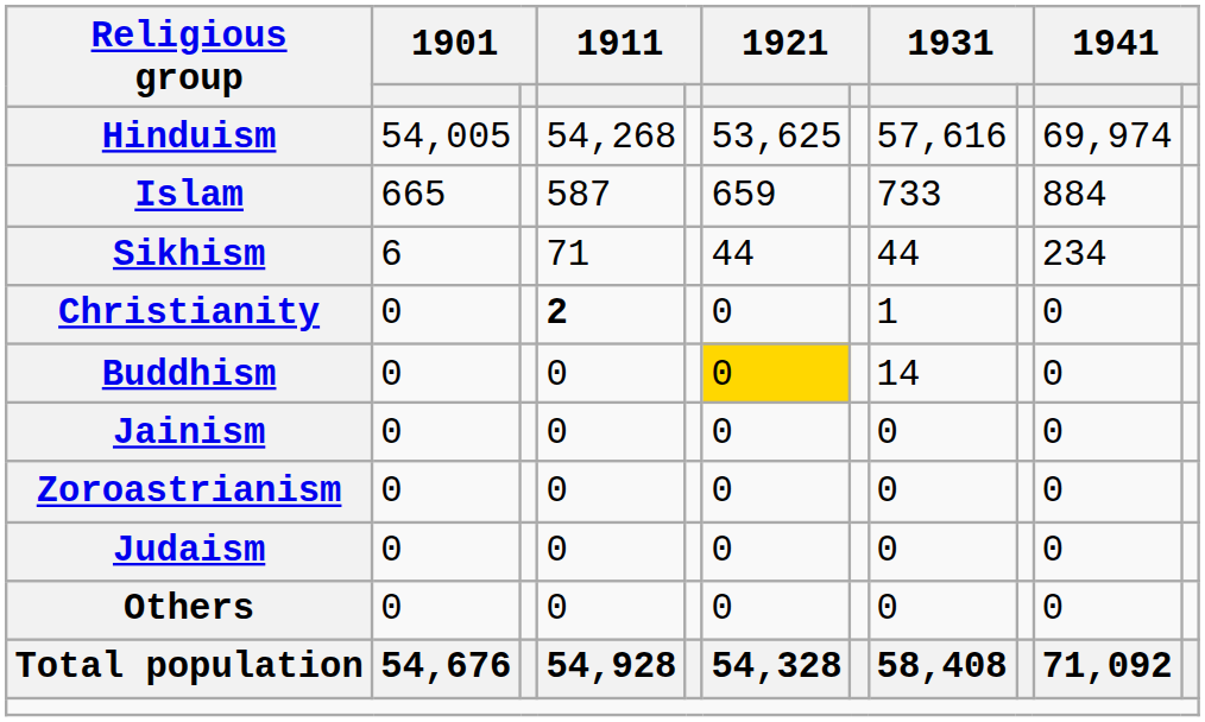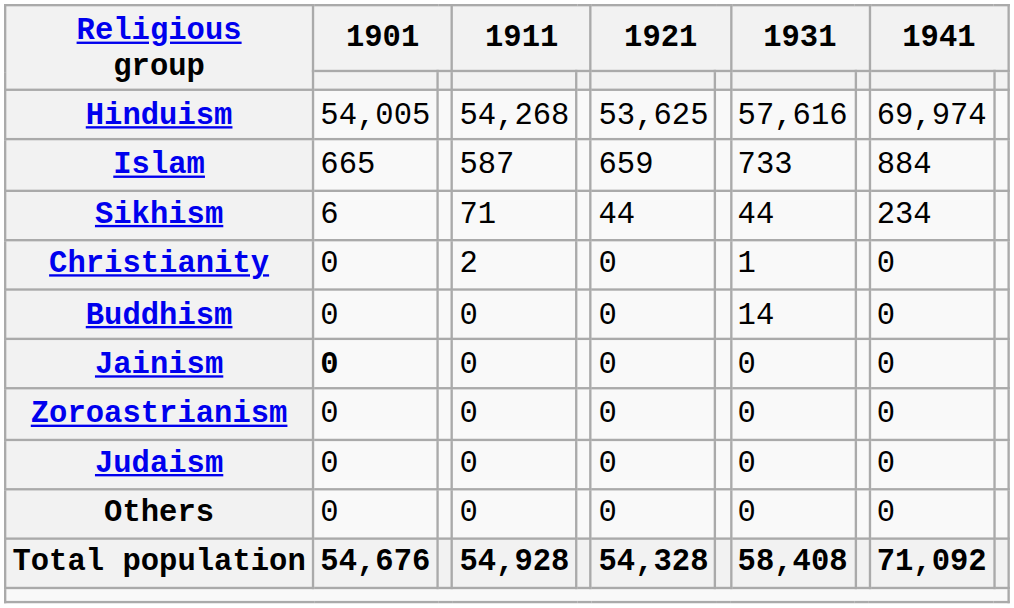 <table class="wikitable sortable">
 <tr>
 <th rowspan="2"><a href='#'>Religious</a><br>group</th>
 <th colspan="2">1901</th>
 <th colspan="2">1911</th>
 <th colspan="2">1921</th>
 <th colspan="2">1931</th>
 <th colspan="2">1941</th>
 </tr>
 <tr>
 <th><a href='#'></a></th>
 <th></th>
 <th></th>
 <th></th>
 <th></th>
 <th></th>
 <th></th>
 <th></th>
 <th></th>
 <th></th>
 </tr>
 <tr>
 <th><a href='#'>Hinduism</a> </th>
 <td>54,005</td>
 <td></td>
 <td>54,268</td>
 <td></td>
 <td>53,625</td>
 <td></td>
 <td>57,616</td>
 <td></td>
 <td>69,974</td>
 <td></td>
 </tr>
 <tr>
 <th><a href='#'>Islam</a> </th>
 <td>665</td>
 <td></td>
 <td>587</td>
 <td></td>
 <td>659</td>
 <td></td>
 <td>733</td>
 <td></td>
 <td>884</td>
 <td></td>
 </tr>
 <tr>
 <th><a href='#'>Sikhism</a> </th>
 <td>6</td>
 <td></td>
 <td>71</td>
 <td></td>
 <td>44</td>
 <td></td>
 <td>44</td>
 <td></td>
 <td>234</td>
 <td></td>
 </tr>
 <tr>
 <th><a href='#'>Christianity</a> </th>
 <td>0</td>
 <td></td>
-<td><strong>2</strong></td>
+<td>2</td>
 <td></td>
 <td>0</td>
 <td></td>
 <td>1</td>
 <td></td>
 <td>0</td>
 <td></td>
 </tr>
 <tr>
 <th><a href='#'>Buddhism</a> </th>
 <td>0</td>
 <td></td>
 <td>0</td>
 <td></td>
-<td style="background: gold;">0</td>
+<td>0</td>
 <td></td>
 <td>14</td>
 <td></td>
 <td>0</td>
 <td></td>
 </tr>
 <tr>
 <th><a href='#'>Jainism</a> </th>
-<td>0</td>
+<td><strong>0</strong></td>
 <td></td>
 <td>0</td>
 <td></td>
 <td>0</td>
 <td></td>
 <td>0</td>
 <td></td>
 <td>0</td>
 <td></td>
 </tr>
 <tr>
 <th><a href='#'>Zoroastrianism</a> </th>
 <td>0</td>
 <td></td>
 <td>0</td>
 <td></td>
 <td>0</td>
 <td></td>
 <td>0</td>
 <td></td>
 <td>0</td>
 <td></td>
 </tr>
 <tr>
 <th><a href='#'>Judaism</a> </th>
 <td>0</td>
 <td></td>
 <td>0</td>
 <td></td>
 <td>0</td>
 <td></td>
 <td>0</td>
 <td></td>
 <td>0</td>
 <td></td>
 </tr>
 <tr>
 <th>Others</th>
 <td>0</td>
 <td></td>
 <td>0</td>
 <td></td>
 <td>0</td>
 <td></td>
 <td>0</td>
 <td></td>
 <td>0</td>
 <td></td>
 </tr>
 <tr>
 <th>Total population</th>
 <th>54,676</th>
 <th></th>
 <th>54,928</th>
 <th></th>
 <th>54,328</th>
 <th></th>
 <th>58,408</th>
 <th></th>
 <th>71,092</th>
 <th></th>
 </tr>
 <tr class="sortbottom">
 <td colspan="11"></td>
 </tr>
 </table>
